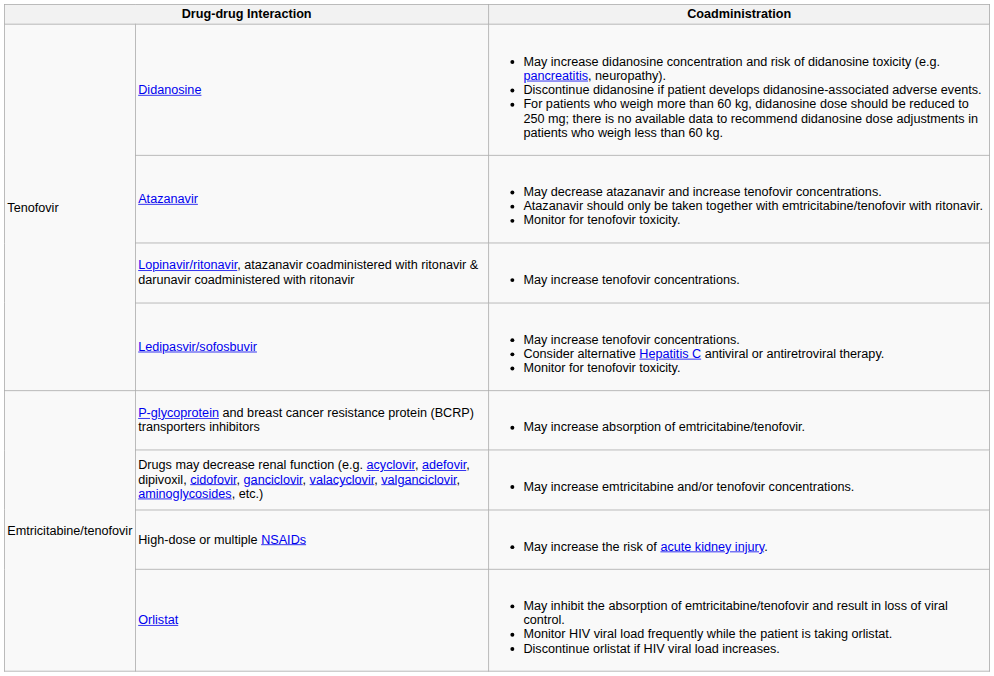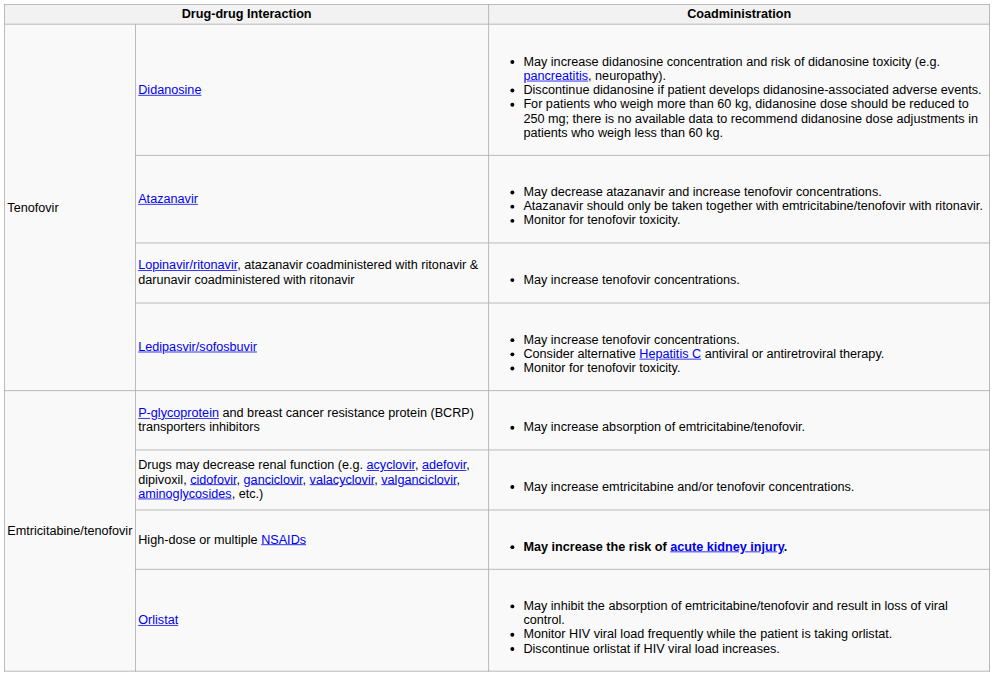 <table class="wikitable">
 <tr>
 <th colspan="2">Drug-drug Interaction</th>
 <th>Coadministration</th>
 </tr>
 <tr>
 <td rowspan="4">Tenofovir</td>
 <td><a href='#'>Didanosine</a></td>
 <td><br><ul><li>May increase didanosine concentration and risk of didanosine toxicity (e.g. <a href='#'>pancreatitis</a>, neuropathy).</li><li>Discontinue didanosine if patient develops didanosine-associated adverse events.</li><li>For patients who weigh more than 60 kg, didanosine dose should be reduced to 250 mg; there is no available data to recommend didanosine dose adjustments in patients who weigh less than 60 kg.</li></ul></td>
 </tr>
 <tr>
 <td><a href='#'>Atazanavir</a></td>
 <td><br><ul><li>May decrease atazanavir and increase tenofovir concentrations.</li><li>Atazanavir should only be taken together with emtricitabine/tenofovir with ritonavir.</li><li>Monitor for tenofovir toxicity.</li></ul></td>
 </tr>
 <tr>
 <td><a href='#'>Lopinavir/ritonavir</a>, atazanavir coadministered with ritonavir & darunavir coadministered with ritonavir</td>
 <td><br><ul><li>May increase tenofovir concentrations.</li></ul></td>
 </tr>
 <tr>
 <td><a href='#'>Ledipasvir/sofosbuvir</a></td>
 <td><br><ul><li>May increase tenofovir concentrations.</li><li>Consider alternative <a href='#'>Hepatitis C</a> antiviral or antiretroviral therapy.</li><li>Monitor for tenofovir toxicity.</li></ul></td>
 </tr>
 <tr>
 <td rowspan="4">Emtricitabine/tenofovir</td>
 <td><a href='#'>P-glycoprotein</a> and breast cancer resistance protein (BCRP) transporters inhibitors</td>
 <td><br><ul><li>May increase absorption of emtricitabine/tenofovir.</li></ul></td>
 </tr>
 <tr>
 <td>Drugs may decrease renal function (e.g. <a href='#'>acyclovir</a>, <a href='#'>adefovir</a>, dipivoxil, <a href='#'>cidofovir</a>, <a href='#'>ganciclovir</a>, <a href='#'>valacyclovir</a>, <a href='#'>valganciclovir</a>, <a href='#'>aminoglycosides</a>, etc.)</td>
 <td><br><ul><li>May increase emtricitabine and/or tenofovir concentrations.</li></ul></td>
 </tr>
 <tr>
 <td>High-dose or multiple <a href='#'>NSAIDs</a></td>
-<td><br><ul><li>May increase the risk of <a href='#'>acute kidney injury</a>.</li></ul></td>
+<td><strong><br><ul><li>May increase the risk of <a href='#'>acute kidney injury</a>.</li></ul></strong></td>
 </tr>
 <tr>
 <td><a href='#'>Orlistat</a></td>
 <td><br><ul><li>May inhibit the absorption of emtricitabine/tenofovir and result in loss of viral control.</li><li>Monitor HIV viral load frequently while the patient is taking orlistat.</li><li>Discontinue orlistat if HIV viral load increases.</li></ul></td>
 </tr>
 </table>
